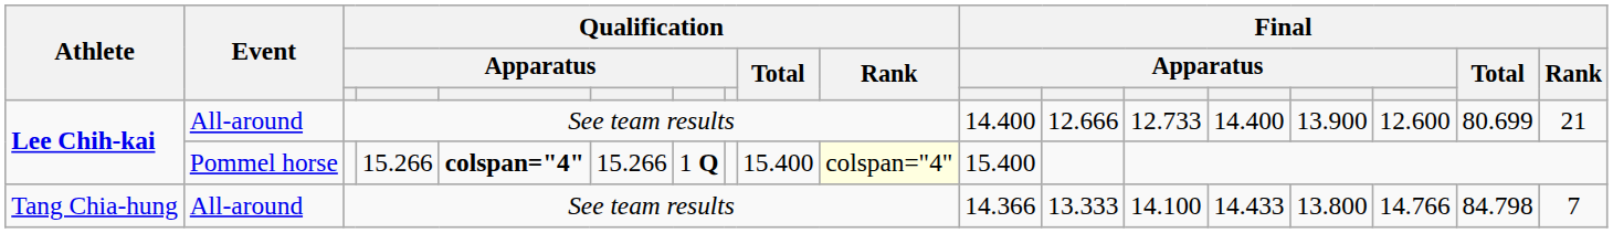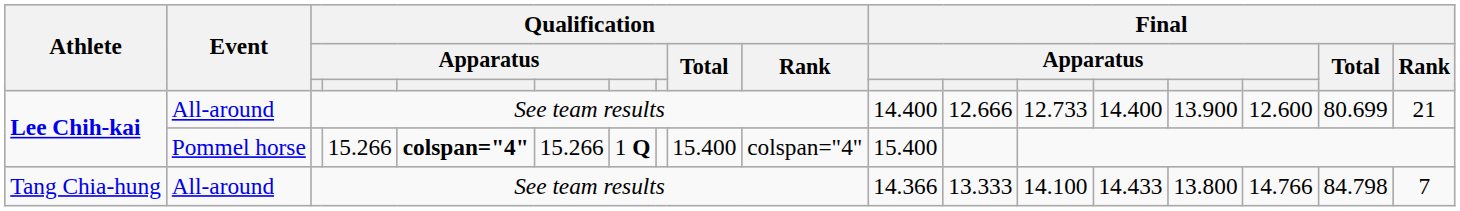 <table class="wikitable" style="font-size:90%; text-align:center">
 <tr>
 <th rowspan="3">Athlete</th>
 <th rowspan="3">Event</th>
 <th colspan="8">Qualification</th>
 <th colspan="8">Final</th>
 </tr>
 <tr style="font-size:95%">
 <th colspan="6">Apparatus</th>
 <th rowspan="2">Total</th>
 <th rowspan="2">Rank</th>
 <th colspan="6">Apparatus</th>
 <th rowspan="2">Total</th>
 <th rowspan="2">Rank</th>
 </tr>
 <tr style="font-size:95%">
 <th></th>
 <th></th>
 <th></th>
 <th></th>
 <th></th>
 <th></th>
 <th></th>
 <th></th>
 <th></th>
 <th></th>
 <th></th>
 <th></th>
 </tr>
 <tr>
 <td align="left" rowspan="2"><strong><a href='#'>Lee Chih-kai</a></strong></td>
 <td align="left"><a href='#'>All-around</a></td>
 <td colspan=8><em>See team results</em></td>
 <td>14.400</td>
 <td>12.666</td>
 <td>12.733</td>
 <td>14.400</td>
 <td>13.900</td>
 <td>12.600</td>
 <td>80.699</td>
 <td>21</td>
 </tr>
 <tr>
 <td align="left"><a href='#'>Pommel horse</a></td>
 <td></td>
 <td>15.266</td>
 <td><strong>colspan="4" </strong></td>
 <td>15.266</td>
 <td>1 <strong>Q</strong></td>
 <td></td>
 <td>15.400</td>
-<td style="background: lightyellow;">colspan="4" </td>
+<td>colspan="4" </td>
 <td>15.400</td>
 <td></td>
 </tr>
 <tr>
 <td align="left"><a href='#'>Tang Chia-hung</a></td>
 <td align="left"><a href='#'>All-around</a></td>
 <td colspan=8><em>See team results</em></td>
 <td>14.366</td>
 <td>13.333</td>
 <td>14.100</td>
 <td>14.433</td>
 <td>13.800</td>
 <td>14.766</td>
 <td>84.798</td>
 <td>7</td>
 </tr>
 </table>
